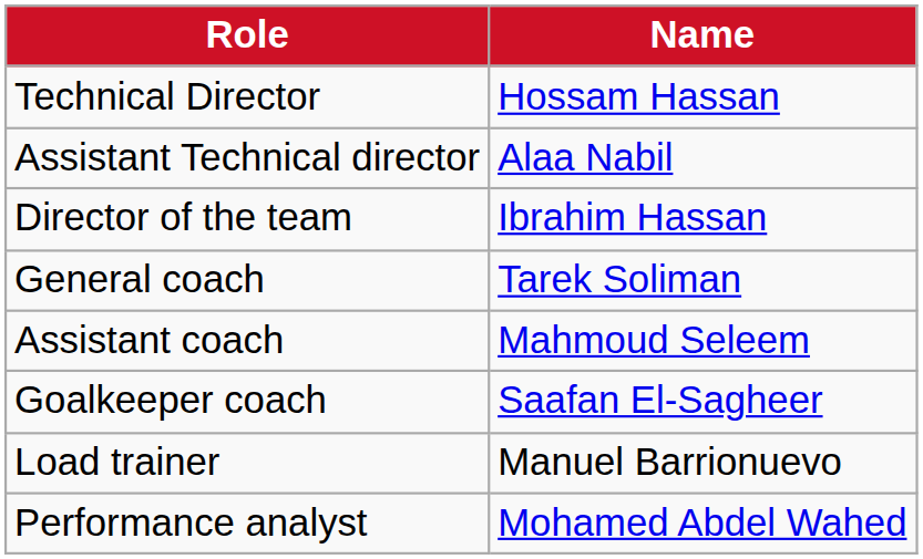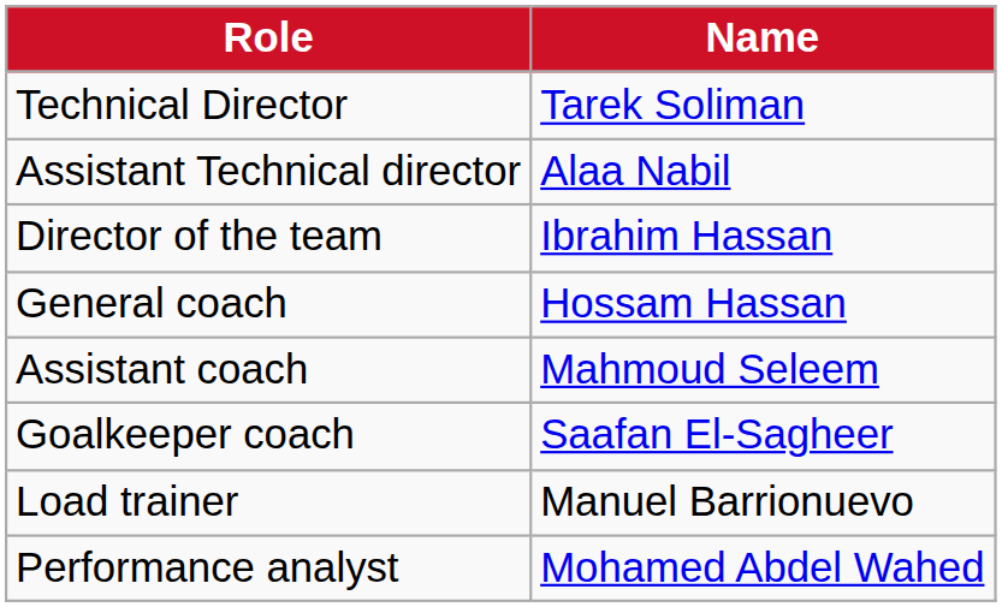 <table class="wikitable">
 <tr>
 <th style="background:#CE1126; color:#FFFFFF; ">Role</th>
 <th style="background:#CE1126; color:#FFFFFF; ">Name</th>
 </tr>
 <tr>
 <td>Technical Director</td>
-<td> <a href='#'>Hossam Hassan</a></td>
+<td> <a href='#'>Tarek Soliman</a></td>
 </tr>
 <tr>
 <td>Assistant Technical director</td>
 <td> <a href='#'>Alaa Nabil</a></td>
 </tr>
 <tr>
 <td>Director of the team</td>
 <td> <a href='#'>Ibrahim Hassan</a></td>
 </tr>
 <tr>
 <td>General coach</td>
-<td> <a href='#'>Tarek Soliman</a></td>
+<td> <a href='#'>Hossam Hassan</a></td>
 </tr>
 <tr>
 <td>Assistant coach</td>
 <td> <a href='#'>Mahmoud Seleem</a></td>
 </tr>
 <tr>
 <td>Goalkeeper coach</td>
 <td> <a href='#'>Saafan El-Sagheer</a></td>
 </tr>
 <tr>
 <td>Load trainer</td>
 <td> Manuel Barrionuevo</td>
 </tr>
 <tr>
 <td>Performance analyst</td>
 <td> <a href='#'>Mohamed Abdel Wahed</a></td>
 </tr>
 </table>
